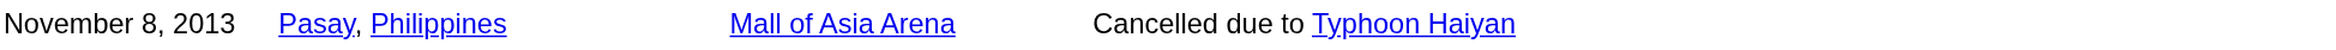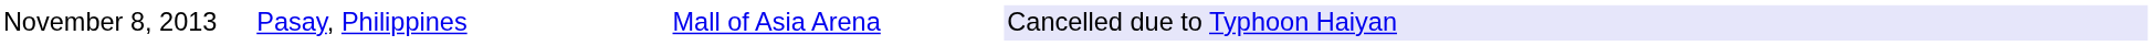 <table cellpadding="2" style="border: 0px solid darkgray">
 <tr>
 <th width="150"></th>
 <th width="250"></th>
 <th width="200"></th>
 <th width="700"></th>
 </tr>
 <tr border="0">
 <td>November 8, 2013</td>
 <td><a href='#'>Pasay</a>, <a href='#'>Philippines</a></td>
 <td><a href='#'>Mall of Asia Arena</a></td>
-<td>Cancelled due to <a href='#'>Typhoon Haiyan</a></td>
+<td style="background: lavender;">Cancelled due to <a href='#'>Typhoon Haiyan</a></td>
 </tr>
 <tr>
 </tr>
 </table>
